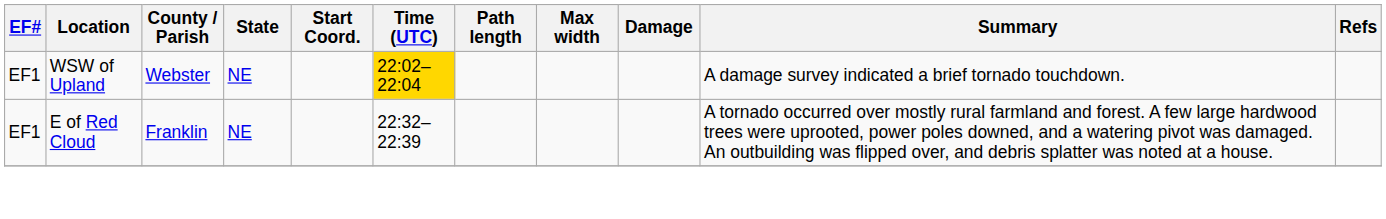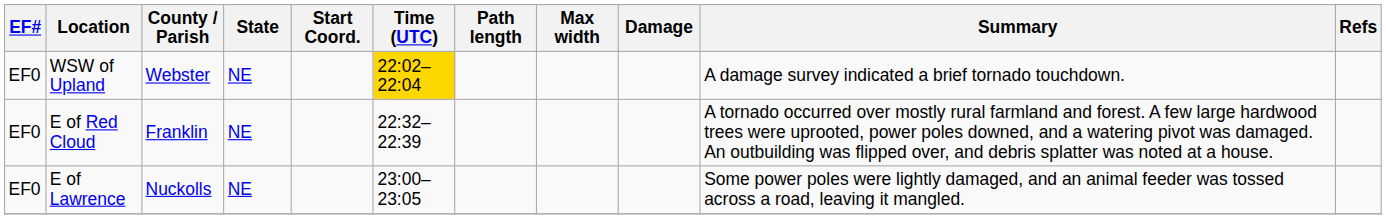 <table class="wikitable sortable" style="width:100%;">
 <tr>
 <th scope="col"  style="width:3%; text-align:center;"><a href='#'>EF#</a></th>
 <th scope="col"  style="width:7%; text-align:center;" class="unsortable">Location</th>
 <th scope="col"  style="width:6%; text-align:center;" class="unsortable">County / Parish</th>
 <th scope="col"  style="width:5%; text-align:center;">State</th>
 <th scope="col"  style="width:6%; text-align:center;">Start Coord.</th>
 <th scope="col"  style="width:6%; text-align:center;">Time (<a href='#'>UTC</a>)</th>
 <th scope="col"  style="width:6%; text-align:center;">Path length</th>
 <th scope="col"  style="width:6%; text-align:center;">Max width</th>
 <th scope="col"  style="width:6%; text-align:center;">Damage</th>
 <th scope="col" class="unsortable" style="width:48%; text-align:center;">Summary</th>
 <th scope="col" class="unsortable" style="width:48%; text-align:center;">Refs</th>
 </tr>
 <tr>
-<td>EF1</td>
+<td>EF0</td>
 <td>WSW of <a href='#'>Upland</a></td>
 <td><a href='#'>Webster</a></td>
 <td><a href='#'>NE</a></td>
 <td></td>
 <td style="background: gold;">22:02–22:04</td>
 <td></td>
 <td></td>
 <td></td>
 <td>A damage survey indicated a brief tornado touchdown.</td>
 <td></td>
 </tr>
 <tr>
-<td>EF1</td>
+<td>EF0</td>
 <td>E of <a href='#'>Red Cloud</a></td>
 <td><a href='#'>Franklin</a></td>
 <td><a href='#'>NE</a></td>
 <td></td>
 <td>22:32–22:39</td>
 <td></td>
 <td></td>
 <td></td>
 <td>A tornado occurred over mostly rural farmland and forest. A few large hardwood trees were uprooted, power poles downed, and a watering pivot was damaged. An outbuilding was flipped over, and debris splatter was noted at a house.</td>
 <td></td>
 </tr>
 <tr>
+<td>EF0</td>
+<td>E of <a href='#'>Lawrence</a></td>
+<td><a href='#'>Nuckolls</a></td>
+<td><a href='#'>NE</a></td>
+<td></td>
+<td>23:00–23:05</td>
+<td></td>
+<td></td>
+<td></td>
+<td>Some power poles were lightly damaged, and an animal feeder was tossed across a road, leaving it mangled.</td>
+<td></td>
+</tr>
+<tr>
 </tr>
 </table>
